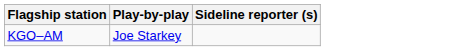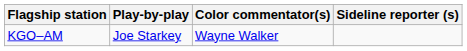 <table class="wikitable">
 <tr>
 <th>Flagship station</th>
 <th>Play-by-play</th>
+<th>Color commentator(s)</th>
 <th>Sideline reporter (s)</th>
 </tr>
 <tr>
 <td><a href='#'>KGO–AM</a></td>
 <td><a href='#'>Joe Starkey</a></td>
+<td><a href='#'>Wayne Walker</a></td>
 <td></td>
 </tr>
 </table>
